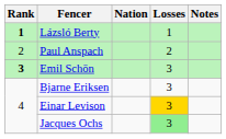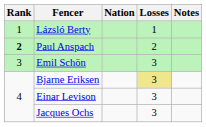 <table class="wikitable sortable" style="text-align:center">
 <tr>
 <th>Rank</th>
 <th>Fencer</th>
 <th>Nation</th>
 <th>Losses</th>
 <th>Notes</th>
 </tr>
 <tr bgcolor=bbf3bb>
-<td><strong>1</strong></td>
+<td>1</td>
 <td align=left><a href='#'>Lázsló Berty</a></td>
 <td align=left></td>
 <td>1</td>
 <td></td>
 </tr>
 <tr bgcolor=bbf3bb>
-<td>2</td>
+<td><strong>2</strong></td>
 <td align=left><a href='#'>Paul Anspach</a></td>
 <td align=left></td>
 <td>2</td>
 <td></td>
 </tr>
 <tr bgcolor=bbf3bb>
-<td><strong>3</strong></td>
+<td>3</td>
 <td align=left><a href='#'>Emil Schön</a></td>
 <td align=left></td>
 <td>3</td>
 <td></td>
 </tr>
 <tr>
 <td rowspan=3>4</td>
 <td align=left><a href='#'>Bjarne Eriksen</a></td>
 <td align=left></td>
-<td>3</td>
+<td style="background: khaki;">3</td>
 <td></td>
 </tr>
 <tr>
 <td align=left><a href='#'>Einar Levison</a></td>
 <td align=left></td>
-<td style="background: gold;">3</td>
+<td>3</td>
 <td></td>
 </tr>
 <tr>
 <td align=left><a href='#'>Jacques Ochs</a></td>
 <td align=left></td>
-<td style="background: lightgreen;">3</td>
+<td>3</td>
 <td></td>
 </tr>
 </table>
